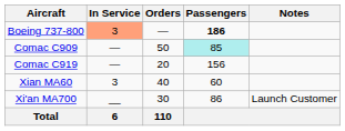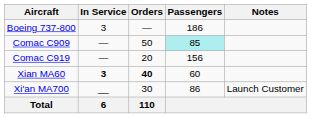 <table class="wikitable" style="border-collapse:collapse;text-align:center;margin:auto;">
 <tr>
 <th>Aircraft</th>
 <th>In Service</th>
 <th>Orders</th>
 <th>Passengers</th>
 <th>Notes</th>
 </tr>
 <tr>
 <td><a href='#'>Boeing 737-800</a></td>
-<td style="background: lightsalmon;">3</td>
+<td>3</td>
 <td>—</td>
-<td><strong>186</strong></td>
+<td>186</td>
 <td></td>
 </tr>
 <tr>
 <td><a href='#'>Comac C909</a></td>
 <td>—</td>
 <td>50</td>
 <td style="background: paleturquoise;">85</td>
 <td></td>
 </tr>
 <tr>
 <td><a href='#'>Comac C919</a></td>
 <td>—</td>
 <td>20</td>
 <td>156</td>
 <td></td>
 </tr>
 <tr>
 <td><a href='#'>Xian MA60</a></td>
-<td>3</td>
-<td>40</td>
+<td><strong>3</strong></td>
+<td><strong>40</strong></td>
 <td>60</td>
 <td></td>
 </tr>
 <tr>
 <td><a href='#'>Xi'an MA700</a></td>
 <td>__</td>
 <td>30</td>
 <td>86</td>
 <td>Launch Customer</td>
 </tr>
 <tr>
 <th>Total</th>
 <th>6</th>
 <th>110</th>
 <th colspan="3"></th>
 </tr>
 </table>
